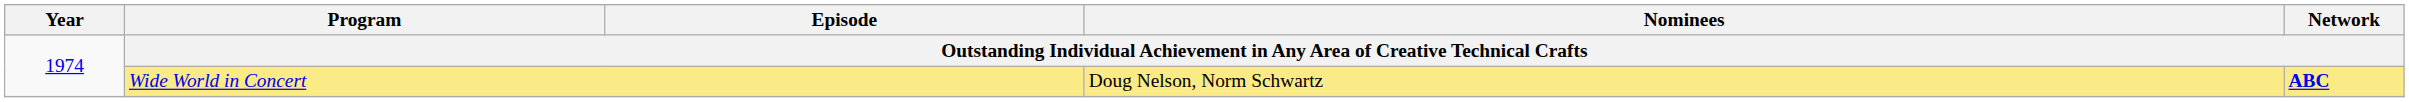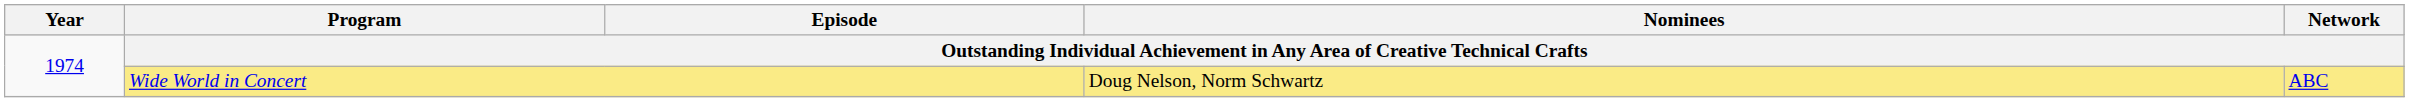 <table class="wikitable" style="width:100%">
 <tr style="background:#bebebe;">
 <th style="width:5%;">Year</th>
 <th style="width:20%;">Program</th>
 <th style="width:20%;">Episode</th>
 <th style="width:50%;">Nominees</th>
 <th style="width:5%;">Network</th>
 </tr>
 <tr>
 <td rowspan=2 style="text-align:center"><a href='#'>1974</a></td>
 <th colspan="4">Outstanding Individual Achievement in Any Area of Creative Technical Crafts</th>
 </tr>
 <tr style="background:#FAEB86;">
 <td colspan=2><em><a href='#'>Wide World in Concert</a></em></td>
 <td>Doug Nelson, Norm Schwartz</td>
-<td><strong><a href='#'>ABC</a></strong></td>
+<td><a href='#'>ABC</a></td>
 </tr>
 <tr>
 </tr>
 </table>
